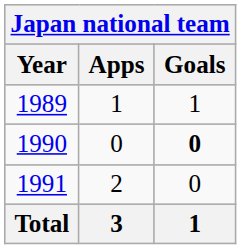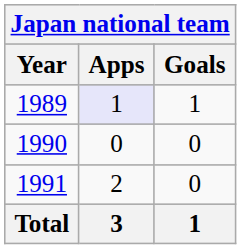 <table class="wikitable" style="text-align:center">
 <tr>
 <th colspan=3><a href='#'>Japan national team</a></th>
 </tr>
 <tr>
 <th>Year</th>
 <th>Apps</th>
 <th>Goals</th>
 </tr>
 <tr>
 <td><a href='#'>1989</a></td>
-<td>1</td>
+<td style="background: lavender;">1</td>
 <td>1</td>
 </tr>
 <tr>
 <td><a href='#'>1990</a></td>
 <td>0</td>
-<td><strong>0</strong></td>
+<td>0</td>
 </tr>
 <tr>
 <td><a href='#'>1991</a></td>
 <td>2</td>
 <td>0</td>
 </tr>
 <tr>
 <th>Total</th>
 <th>3</th>
 <th>1</th>
 </tr>
 </table>
